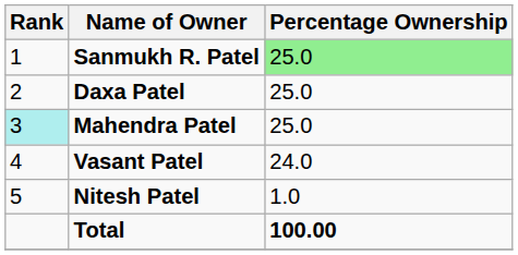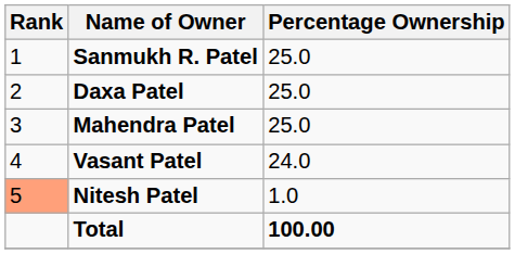 <table class="wikitable sortable" style="margin-left:auto;margin-right:auto">
 <tr>
 <th style="width:2em;">Rank</th>
 <th>Name of Owner</th>
 <th>Percentage Ownership</th>
 </tr>
 <tr>
 <td>1</td>
 <td><strong>Sanmukh R. Patel</strong></td>
-<td style="background: lightgreen;">25.0</td>
+<td>25.0</td>
 </tr>
 <tr>
 <td>2</td>
 <td><strong>Daxa Patel</strong></td>
 <td>25.0</td>
 </tr>
 <tr>
-<td style="background: paleturquoise;">3</td>
+<td>3</td>
 <td><strong>Mahendra Patel</strong></td>
 <td>25.0</td>
 </tr>
 <tr>
 <td>4</td>
 <td><strong>Vasant Patel</strong></td>
 <td>24.0</td>
 </tr>
 <tr>
-<td>5</td>
+<td style="background: lightsalmon;">5</td>
 <td><strong>Nitesh Patel</strong></td>
 <td>1.0</td>
 </tr>
 <tr>
 <td></td>
 <td><strong>Total</strong></td>
 <td><strong>100.00</strong></td>
 </tr>
 <tr>
 </tr>
 </table>
